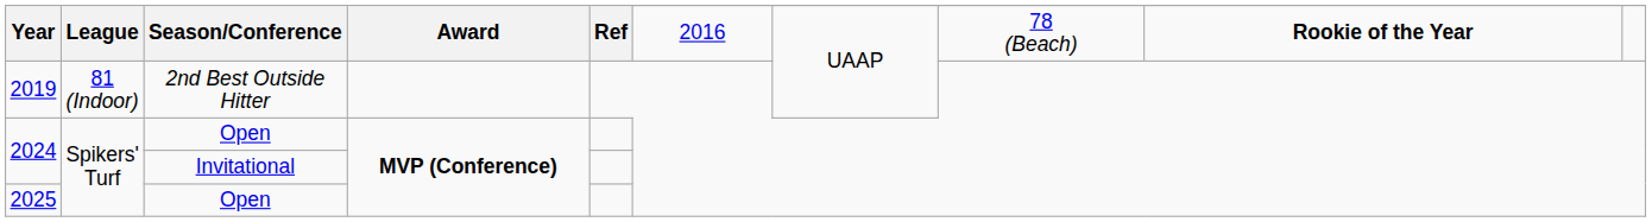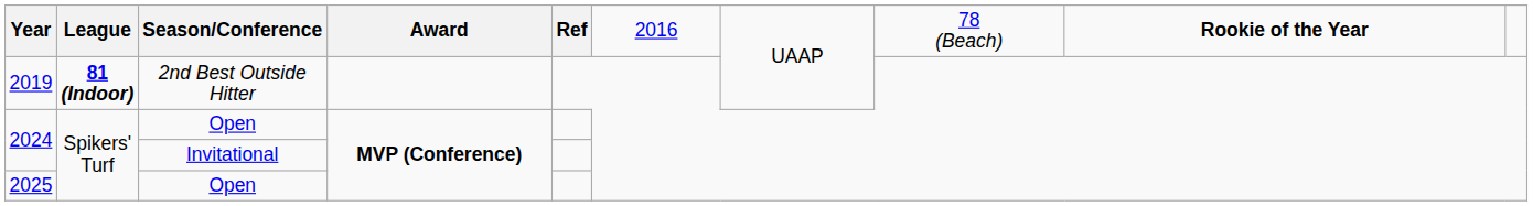 <table class="wikitable sortable" style="text-align:center" width="80%">
 <tr>
 <th style="width:5px;" rowspan="2">Year</th>
 <th style="width:25px;" rowspan="2">League</th>
 <th style="width:100px;" rowspan="2">Season/Conference</th>
 <th style="width:180px;" rowspan="2">Award</th>
 <th style="width:25px;" rowspan="2">Ref</th>
 </tr>
 <tr align=center>
 <td><a href='#'>2016</a></td>
 <td rowspan=2>UAAP</td>
 <td><a href='#'>78</a> <br><em>(Beach)</em></td>
 <td><strong>Rookie of the Year</strong></td>
 <td></td>
 </tr>
 <tr align=center>
 <td><a href='#'>2019</a></td>
-<td><a href='#'>81</a> <br><em>(Indoor)</em></td>
+<td><strong><a href='#'>81</a> <br><em>(Indoor)</em></strong></td>
 <td><em>2nd Best Outside Hitter</em></td>
 <td></td>
 </tr>
 <tr align=center>
 <td rowspan=2><a href='#'>2024</a></td>
 <td rowspan=3>Spikers' Turf</td>
 <td><a href='#'>Open</a></td>
 <td rowspan=3><strong>MVP (Conference)</strong></td>
 <td></td>
 </tr>
 <tr align=center>
 <td><a href='#'>Invitational</a></td>
 <td></td>
 </tr>
 <tr align=center>
 <td rowspan=2><a href='#'>2025</a></td>
 <td><a href='#'>Open</a></td>
 <td></td>
 </tr>
 </table>
